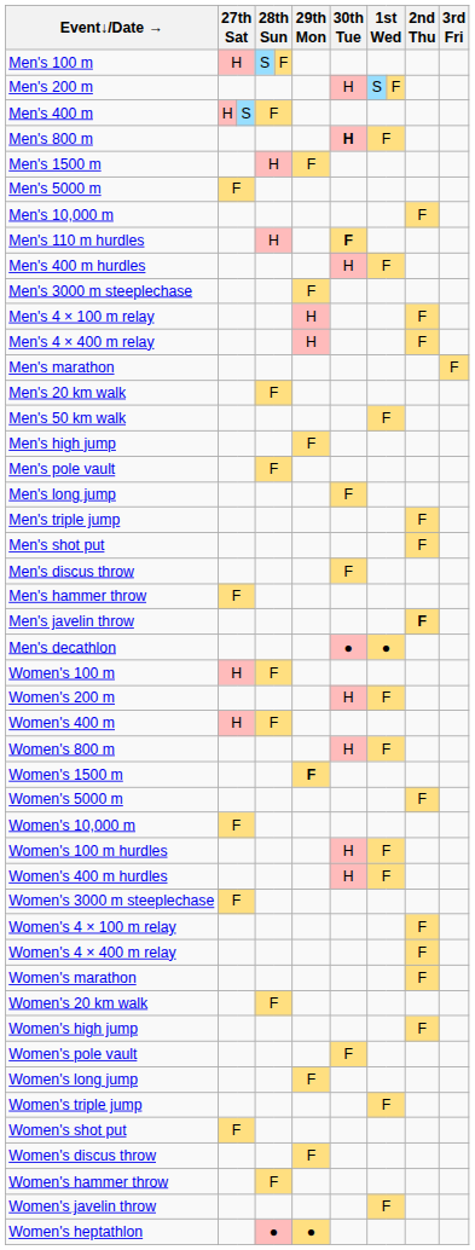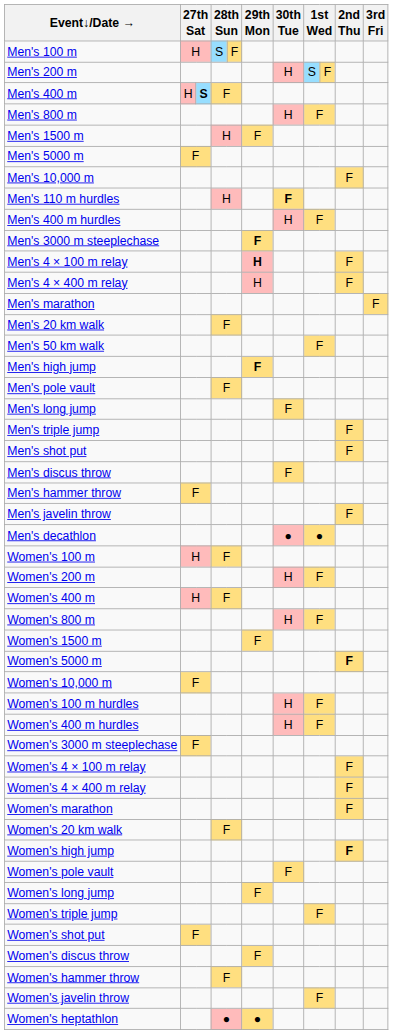 <table class="wikitable" style="margin:0.5em auto; font-size:90%; line-height:1.25em; text-align:center;">
 <tr>
 <th>Event↓/Date →</th>
 <th colspan=2>27th<br>Sat</th>
 <th colspan=2>28th<br>Sun</th>
 <th>29th<br>Mon</th>
 <th>30th<br>Tue</th>
 <th colspan=2>1st<br>Wed</th>
 <th>2nd<br>Thu</th>
 <th>3rd<br>Fri</th>
 </tr>
 <tr>
 <td align="left"><a href='#'>Men's 100 m</a></td>
 <td colspan=2 bgcolor="#FFBBBB">H</td>
 <td bgcolor="#97DEFF">S</td>
 <td bgcolor="#FFDF80">F</td>
 <td></td>
 <td></td>
 <td colspan=2></td>
 <td></td>
 <td></td>
 </tr>
 <tr>
 <td align="left"><a href='#'>Men's 200 m</a></td>
 <td colspan=2></td>
 <td colspan=2></td>
 <td></td>
 <td bgcolor="#FFBBBB">H</td>
 <td bgcolor="#97DEFF">S</td>
 <td bgcolor="#FFDF80">F</td>
 <td></td>
 <td></td>
 </tr>
 <tr>
 <td align="left"><a href='#'>Men's 400 m</a></td>
 <td bgcolor="#FFBBBB">H</td>
-<td bgcolor="#97DEFF">S</td>
+<td bgcolor="#97DEFF"><strong>S</strong></td>
 <td colspan=2 bgcolor="#FFDF80">F</td>
 <td></td>
 <td></td>
 <td colspan=2></td>
 <td></td>
 <td></td>
 </tr>
 <tr>
 <td align="left"><a href='#'>Men's 800 m</a></td>
 <td colspan=2></td>
 <td colspan=2></td>
 <td></td>
-<td bgcolor="#FFBBBB"><strong>H</strong></td>
+<td bgcolor="#FFBBBB">H</td>
 <td colspan=2 bgcolor="#FFDF80">F</td>
 <td></td>
 <td></td>
 </tr>
 <tr>
 <td align="left"><a href='#'>Men's 1500 m</a></td>
 <td colspan=2></td>
 <td colspan=2 bgcolor="#FFBBBB">H</td>
 <td bgcolor="#FFDF80">F</td>
 <td></td>
 <td colspan=2></td>
 <td></td>
 <td></td>
 </tr>
 <tr>
 <td align="left"><a href='#'>Men's 5000 m</a></td>
 <td colspan=2 bgcolor="#FFDF80">F</td>
 <td colspan=2></td>
 <td></td>
 <td></td>
 <td colspan=2></td>
 <td></td>
 <td></td>
 </tr>
 <tr>
 <td align="left"><a href='#'>Men's 10,000 m</a></td>
 <td colspan=2></td>
 <td colspan=2></td>
 <td></td>
 <td></td>
 <td colspan=2></td>
 <td bgcolor="#FFDF80">F</td>
 <td></td>
 </tr>
 <tr>
 <td align="left"><a href='#'>Men's 110 m hurdles</a></td>
 <td colspan=2></td>
 <td colspan=2 bgcolor="#FFBBBB">H</td>
 <td></td>
 <td bgcolor="#FFDF80"><strong>F</strong></td>
 <td colspan=2></td>
 <td></td>
 <td></td>
 </tr>
 <tr>
 <td align="left"><a href='#'>Men's 400 m hurdles</a></td>
 <td colspan=2></td>
 <td colspan=2></td>
 <td></td>
 <td bgcolor="#FFBBBB">H</td>
 <td colspan=2 bgcolor="#FFDF80">F</td>
 <td></td>
 <td></td>
 </tr>
 <tr>
 <td align="left"><a href='#'>Men's 3000 m steeplechase</a></td>
 <td colspan=2></td>
 <td colspan=2></td>
-<td bgcolor="#FFDF80">F</td>
+<td bgcolor="#FFDF80"><strong>F</strong></td>
 <td></td>
 <td colspan=2></td>
 <td></td>
 <td></td>
 </tr>
 <tr>
 <td align="left"><a href='#'>Men's 4 × 100 m relay</a></td>
 <td colspan=2></td>
 <td colspan=2></td>
-<td bgcolor="#FFBBBB">H</td>
+<td bgcolor="#FFBBBB"><strong>H</strong></td>
 <td></td>
 <td colspan=2></td>
 <td bgcolor="#FFDF80">F</td>
 <td></td>
 </tr>
 <tr>
 <td align="left"><a href='#'>Men's 4 × 400 m relay</a></td>
 <td colspan=2></td>
 <td colspan=2></td>
 <td bgcolor="#FFBBBB">H</td>
 <td></td>
 <td colspan=2></td>
 <td bgcolor="#FFDF80">F</td>
 <td></td>
 </tr>
 <tr>
 <td align="left"><a href='#'>Men's marathon</a></td>
 <td colspan=2></td>
 <td colspan=2></td>
 <td></td>
 <td></td>
 <td colspan=2></td>
 <td></td>
 <td bgcolor="#FFDF80">F</td>
 </tr>
 <tr>
 <td align="left"><a href='#'>Men's 20 km walk</a></td>
 <td colspan=2></td>
 <td colspan=2 bgcolor="#FFDF80">F</td>
 <td></td>
 <td></td>
 <td colspan=2></td>
 <td></td>
 <td></td>
 </tr>
 <tr>
 <td align="left"><a href='#'>Men's 50 km walk</a></td>
 <td colspan=2></td>
 <td colspan=2></td>
 <td></td>
 <td></td>
 <td colspan=2 bgcolor="#FFDF80">F</td>
 <td></td>
 <td></td>
 </tr>
 <tr>
 <td align="left"><a href='#'>Men's high jump</a></td>
 <td colspan=2></td>
 <td colspan=2></td>
-<td bgcolor="#FFDF80">F</td>
+<td bgcolor="#FFDF80"><strong>F</strong></td>
 <td></td>
 <td colspan=2></td>
 <td></td>
 <td></td>
 </tr>
 <tr>
 <td align="left"><a href='#'>Men's pole vault</a></td>
 <td colspan=2></td>
 <td colspan=2 bgcolor="#FFDF80">F</td>
 <td></td>
 <td></td>
 <td colspan=2></td>
 <td></td>
 <td></td>
 </tr>
 <tr>
 <td align="left"><a href='#'>Men's long jump</a></td>
 <td colspan=2></td>
 <td colspan=2></td>
 <td></td>
 <td bgcolor="#FFDF80">F</td>
 <td colspan=2></td>
 <td></td>
 <td></td>
 </tr>
 <tr>
 <td align="left"><a href='#'>Men's triple jump</a></td>
 <td colspan=2></td>
 <td colspan=2></td>
 <td></td>
 <td></td>
 <td colspan=2></td>
 <td bgcolor="#FFDF80">F</td>
 <td></td>
 </tr>
 <tr>
 <td align="left"><a href='#'>Men's shot put</a></td>
 <td colspan=2></td>
 <td colspan=2></td>
 <td></td>
 <td></td>
 <td colspan=2></td>
 <td bgcolor="#FFDF80">F</td>
 <td></td>
 </tr>
 <tr>
 <td align="left"><a href='#'>Men's discus throw</a></td>
 <td colspan=2></td>
 <td colspan=2></td>
 <td></td>
 <td bgcolor="#FFDF80">F</td>
 <td colspan=2></td>
 <td></td>
 <td></td>
 </tr>
 <tr>
 <td align="left"><a href='#'>Men's hammer throw</a></td>
 <td colspan=2 bgcolor="#FFDF80">F</td>
 <td colspan=2></td>
 <td></td>
 <td></td>
 <td colspan=2></td>
 <td></td>
 <td></td>
 </tr>
 <tr>
 <td align="left"><a href='#'>Men's javelin throw</a></td>
 <td colspan=2></td>
 <td colspan=2></td>
 <td></td>
 <td></td>
 <td colspan=2></td>
-<td bgcolor="#FFDF80"><strong>F</strong></td>
+<td bgcolor="#FFDF80">F</td>
 <td></td>
 </tr>
 <tr>
 <td align="left"><a href='#'>Men's decathlon</a></td>
 <td colspan=2></td>
 <td colspan=2></td>
 <td></td>
 <td bgcolor="#FFBBBB">●</td>
 <td colspan=2 bgcolor="#FFDF80">●</td>
 <td></td>
 <td></td>
 </tr>
 <tr>
 <td align="left"><a href='#'>Women's 100 m</a></td>
 <td colspan=2 bgcolor="#FFBBBB">H</td>
 <td colspan=2 bgcolor="#FFDF80">F</td>
 <td></td>
 <td></td>
 <td colspan=2></td>
 <td></td>
 <td></td>
 </tr>
 <tr>
 <td align="left"><a href='#'>Women's 200 m</a></td>
 <td colspan=2></td>
 <td colspan=2></td>
 <td></td>
 <td bgcolor="#FFBBBB">H</td>
 <td colspan=2 bgcolor="#FFDF80">F</td>
 <td></td>
 <td></td>
 </tr>
 <tr>
 <td align="left"><a href='#'>Women's 400 m</a></td>
 <td colspan=2 bgcolor="#FFBBBB">H</td>
 <td colspan=2 bgcolor="#FFDF80">F</td>
 <td></td>
 <td></td>
 <td colspan=2></td>
 <td></td>
 <td></td>
 </tr>
 <tr>
 <td align="left"><a href='#'>Women's 800 m</a></td>
 <td colspan=2></td>
 <td colspan=2></td>
 <td></td>
 <td bgcolor="#FFBBBB">H</td>
 <td colspan=2 bgcolor="#FFDF80">F</td>
 <td></td>
 <td></td>
 </tr>
 <tr>
 <td align="left"><a href='#'>Women's 1500 m</a></td>
 <td colspan=2></td>
 <td colspan=2></td>
-<td bgcolor="#FFDF80"><strong>F</strong></td>
+<td bgcolor="#FFDF80">F</td>
 <td></td>
 <td colspan=2></td>
 <td></td>
 <td></td>
 </tr>
 <tr>
 <td align="left"><a href='#'>Women's 5000 m</a></td>
 <td colspan=2></td>
 <td colspan=2></td>
 <td></td>
 <td></td>
 <td colspan=2></td>
-<td bgcolor="#FFDF80">F</td>
+<td bgcolor="#FFDF80"><strong>F</strong></td>
 <td></td>
 </tr>
 <tr>
 <td align="left"><a href='#'>Women's 10,000 m</a></td>
 <td colspan=2 bgcolor="#FFDF80">F</td>
 <td colspan=2></td>
 <td></td>
 <td></td>
 <td colspan=2></td>
 <td></td>
 <td></td>
 </tr>
 <tr>
 <td align="left"><a href='#'>Women's 100 m hurdles</a></td>
 <td colspan=2></td>
 <td colspan=2></td>
 <td></td>
 <td bgcolor="#FFBBBB">H</td>
 <td colspan=2 bgcolor="#FFDF80">F</td>
 <td></td>
 <td></td>
 </tr>
 <tr>
 <td align="left"><a href='#'>Women's 400 m hurdles</a></td>
 <td colspan=2></td>
 <td colspan=2></td>
 <td></td>
 <td bgcolor="#FFBBBB">H</td>
 <td colspan=2 bgcolor="#FFDF80">F</td>
 <td></td>
 <td></td>
 </tr>
 <tr>
 <td align="left"><a href='#'>Women's 3000 m steeplechase</a></td>
 <td colspan=2 bgcolor="#FFDF80">F</td>
 <td colspan=2></td>
 <td></td>
 <td></td>
 <td colspan=2></td>
 <td></td>
 <td></td>
 </tr>
 <tr>
 <td align="left"><a href='#'>Women's 4 × 100 m relay</a></td>
 <td colspan=2></td>
 <td colspan=2></td>
 <td></td>
 <td></td>
 <td colspan=2></td>
 <td bgcolor="#FFDF80">F</td>
 <td></td>
 </tr>
 <tr>
 <td align="left"><a href='#'>Women's 4 × 400 m relay</a></td>
 <td colspan=2></td>
 <td colspan=2></td>
 <td></td>
 <td></td>
 <td colspan=2></td>
 <td bgcolor="#FFDF80">F</td>
 <td></td>
 </tr>
 <tr>
 <td align="left"><a href='#'>Women's marathon</a></td>
 <td colspan=2></td>
 <td colspan=2></td>
 <td></td>
 <td></td>
 <td colspan=2></td>
 <td bgcolor="#FFDF80">F</td>
 <td></td>
 </tr>
 <tr>
 <td align="left"><a href='#'>Women's 20 km walk</a></td>
 <td colspan=2></td>
 <td colspan=2 bgcolor="#FFDF80">F</td>
 <td></td>
 <td></td>
 <td colspan=2></td>
 <td></td>
 <td></td>
 </tr>
 <tr>
 <td align="left"><a href='#'>Women's high jump</a></td>
 <td colspan=2></td>
 <td colspan=2></td>
 <td></td>
 <td></td>
 <td colspan=2></td>
-<td bgcolor="#FFDF80">F</td>
+<td bgcolor="#FFDF80"><strong>F</strong></td>
 <td></td>
 </tr>
 <tr>
 <td align="left"><a href='#'>Women's pole vault</a></td>
 <td colspan=2></td>
 <td colspan=2></td>
 <td></td>
 <td bgcolor="#FFDF80">F</td>
 <td colspan=2></td>
 <td></td>
 <td></td>
 </tr>
 <tr>
 <td align="left"><a href='#'>Women's long jump</a></td>
 <td colspan=2></td>
 <td colspan=2></td>
 <td bgcolor="#FFDF80">F</td>
 <td></td>
 <td colspan=2></td>
 <td></td>
 <td></td>
 </tr>
 <tr>
 <td align="left"><a href='#'>Women's triple jump</a></td>
 <td colspan=2></td>
 <td colspan=2></td>
 <td></td>
 <td></td>
 <td colspan=2 bgcolor="#FFDF80">F</td>
 <td></td>
 <td></td>
 </tr>
 <tr>
 <td align="left"><a href='#'>Women's shot put</a></td>
 <td colspan=2 bgcolor="#FFDF80">F</td>
 <td colspan=2></td>
 <td></td>
 <td></td>
 <td colspan=2></td>
 <td></td>
 <td></td>
 </tr>
 <tr>
 <td align="left"><a href='#'>Women's discus throw</a></td>
 <td colspan=2></td>
 <td colspan=2></td>
 <td bgcolor="#FFDF80">F</td>
 <td></td>
 <td colspan=2></td>
 <td></td>
 <td></td>
 </tr>
 <tr>
 <td align="left"><a href='#'>Women's hammer throw</a></td>
 <td colspan=2></td>
 <td colspan=2 bgcolor="#FFDF80">F</td>
 <td></td>
 <td></td>
 <td colspan=2></td>
 <td></td>
 <td></td>
 </tr>
 <tr>
 <td align="left"><a href='#'>Women's javelin throw</a></td>
 <td colspan=2></td>
 <td colspan=2></td>
 <td></td>
 <td></td>
 <td colspan=2 bgcolor="#FFDF80">F</td>
 <td></td>
 <td></td>
 </tr>
 <tr>
 <td align="left"><a href='#'>Women's heptathlon</a></td>
 <td colspan=2></td>
 <td colspan=2 bgcolor="#FFBBBB">●</td>
 <td bgcolor="#FFDF80">●</td>
 <td></td>
 <td colspan=2></td>
 <td></td>
 <td></td>
 </tr>
 </table>
